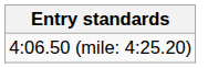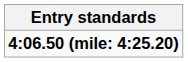 <table class="wikitable" border="1" align="upright">
 <tr>
 <th>Entry standards</th>
 </tr>
 <tr>
-<td>4:06.50 (mile: 4:25.20)</td>
+<td><strong>4:06.50 (mile: 4:25.20)</strong></td>
 </tr>
 </table>
